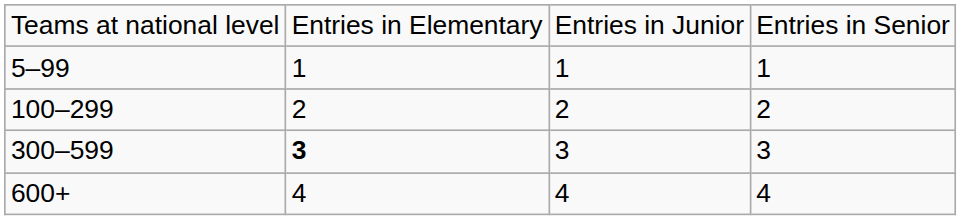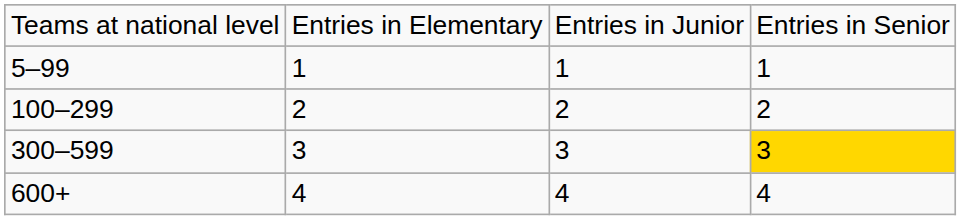 <table class="wikitable">
 <tr>
 <td>Teams at national level</td>
 <td>Entries in Elementary</td>
 <td>Entries in Junior</td>
 <td>Entries in Senior</td>
 </tr>
 <tr>
 <td>5–99</td>
 <td>1</td>
 <td>1</td>
 <td>1</td>
 </tr>
 <tr>
 <td>100–299</td>
 <td>2</td>
 <td>2</td>
 <td>2</td>
 </tr>
 <tr>
 <td>300–599</td>
-<td><strong>3</strong></td>
 <td>3</td>
 <td>3</td>
+<td style="background: gold;">3</td>
 </tr>
 <tr>
 <td>600+</td>
 <td>4</td>
 <td>4</td>
 <td>4</td>
 </tr>
 </table>
